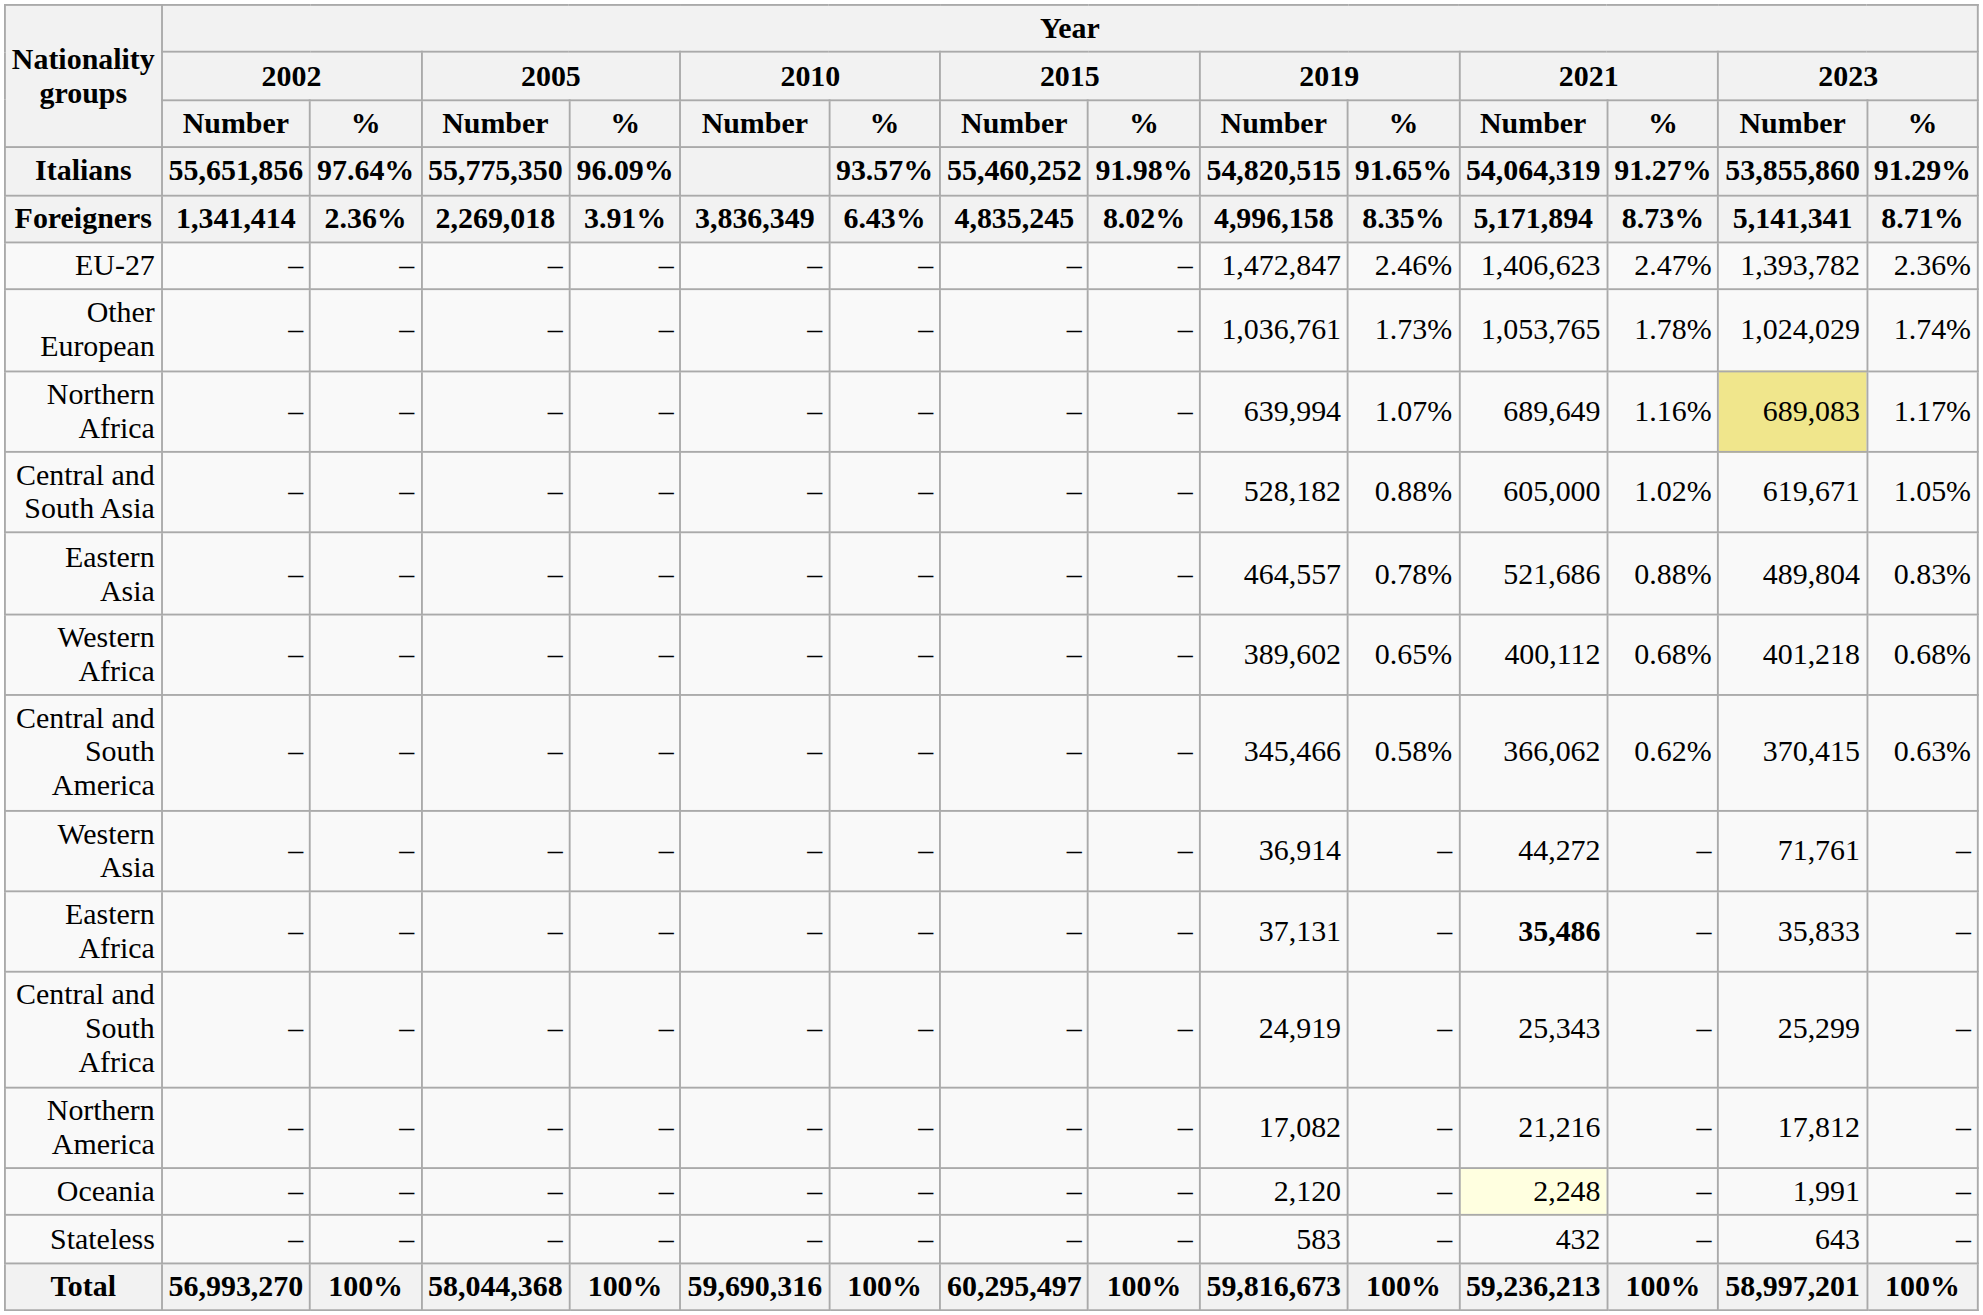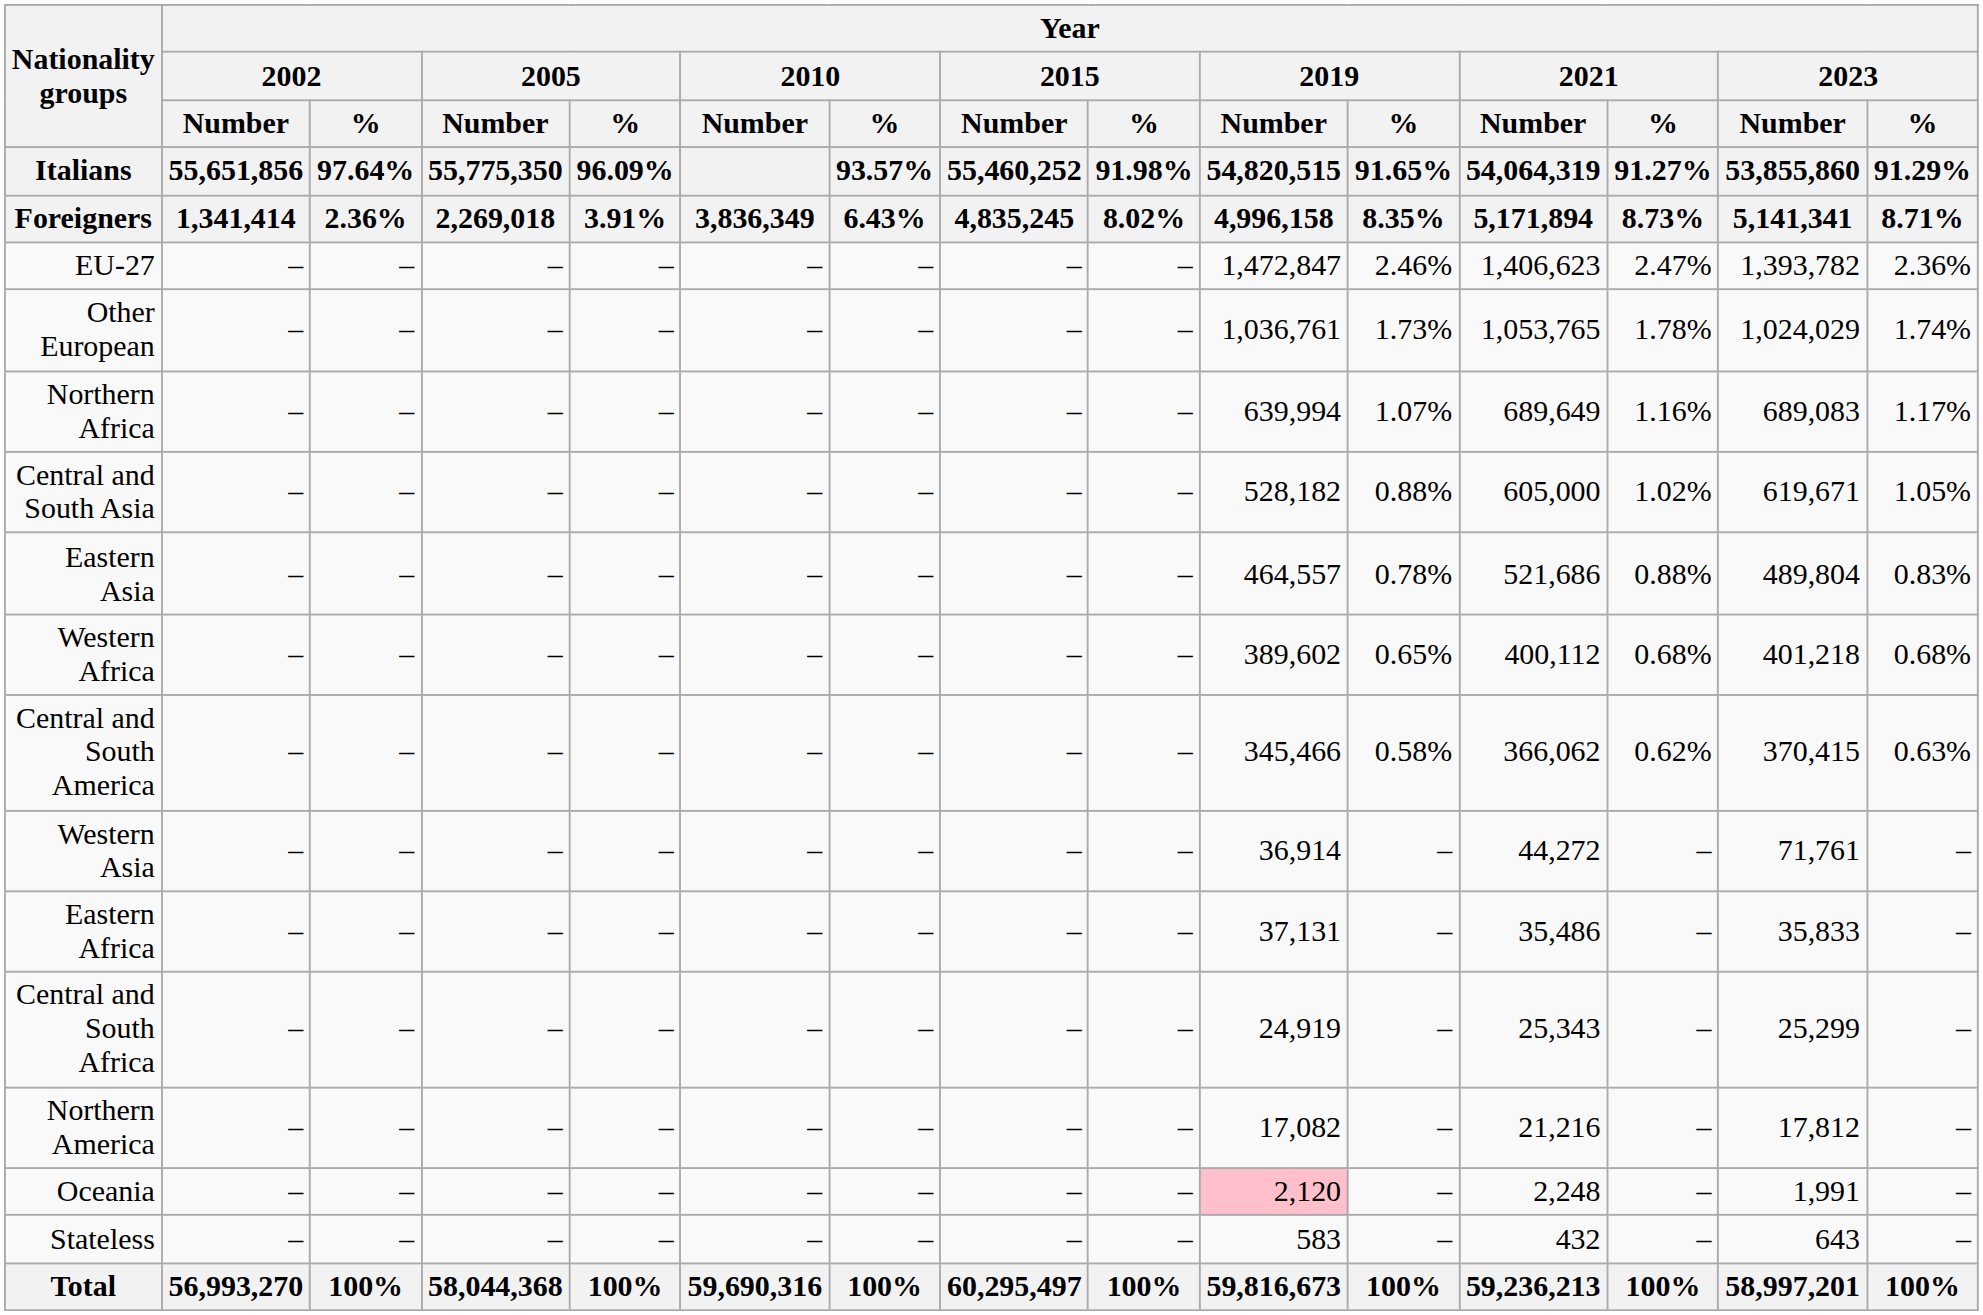 <table class="wikitable col1left" style="text-align:right;">
 <tr>
 <th rowspan="3">Nationality groups</th>
 <th colspan="14">Year</th>
 </tr>
 <tr>
 <th colspan="2">2002</th>
 <th colspan="2">2005</th>
 <th colspan="2">2010</th>
 <th colspan="2">2015</th>
 <th colspan="2">2019</th>
 <th colspan="2">2021</th>
 <th colspan="2">2023</th>
 </tr>
 <tr>
 <th>Number</th>
 <th>%</th>
 <th>Number</th>
 <th>%</th>
 <th>Number</th>
 <th>%</th>
 <th>Number</th>
 <th>%</th>
 <th>Number</th>
 <th>%</th>
 <th>Number</th>
 <th>%</th>
 <th>Number</th>
 <th>%</th>
 </tr>
 <tr>
 <th> Italians</th>
 <th>55,651,856</th>
 <th>97.64%</th>
 <th>55,775,350</th>
 <th>96.09%</th>
 <th></th>
 <th>93.57%</th>
 <th>55,460,252</th>
 <th>91.98%</th>
 <th>54,820,515</th>
 <th>91.65%</th>
 <th>54,064,319</th>
 <th>91.27%</th>
 <th>53,855,860</th>
 <th>91.29%</th>
 </tr>
 <tr>
 <th>Foreigners</th>
 <th>1,341,414</th>
 <th>2.36%</th>
 <th>2,269,018</th>
 <th>3.91%</th>
 <th>3,836,349</th>
 <th>6.43%</th>
 <th>4,835,245</th>
 <th>8.02%</th>
 <th>4,996,158</th>
 <th>8.35%</th>
 <th>5,171,894</th>
 <th>8.73%</th>
 <th>5,141,341</th>
 <th>8.71%</th>
 </tr>
 <tr>
 <td> EU-27</td>
 <td>–</td>
 <td>–</td>
 <td>–</td>
 <td>–</td>
 <td>–</td>
 <td>–</td>
 <td>–</td>
 <td>–</td>
 <td>1,472,847</td>
 <td>2.46%</td>
 <td>1,406,623</td>
 <td>2.47%</td>
 <td>1,393,782</td>
 <td>2.36%</td>
 </tr>
 <tr>
 <td>Other European</td>
 <td>–</td>
 <td>–</td>
 <td>–</td>
 <td>–</td>
 <td>–</td>
 <td>–</td>
 <td>–</td>
 <td>–</td>
 <td>1,036,761</td>
 <td>1.73%</td>
 <td>1,053,765</td>
 <td>1.78%</td>
 <td>1,024,029</td>
 <td>1.74%</td>
 </tr>
 <tr>
 <td>Northern Africa</td>
 <td>–</td>
 <td>–</td>
 <td>–</td>
 <td>–</td>
 <td>–</td>
 <td>–</td>
 <td>–</td>
 <td>–</td>
 <td>639,994</td>
 <td>1.07%</td>
 <td>689,649</td>
 <td>1.16%</td>
-<td style="background: khaki;">689,083</td>
+<td>689,083</td>
 <td>1.17%</td>
 </tr>
 <tr>
 <td>Central and South Asia</td>
 <td>–</td>
 <td>–</td>
 <td>–</td>
 <td>–</td>
 <td>–</td>
 <td>–</td>
 <td>–</td>
 <td>–</td>
 <td>528,182</td>
 <td>0.88%</td>
 <td>605,000</td>
 <td>1.02%</td>
 <td>619,671</td>
 <td>1.05%</td>
 </tr>
 <tr>
 <td>Eastern Asia</td>
 <td>–</td>
 <td>–</td>
 <td>–</td>
 <td>–</td>
 <td>–</td>
 <td>–</td>
 <td>–</td>
 <td>–</td>
 <td>464,557</td>
 <td>0.78%</td>
 <td>521,686</td>
 <td>0.88%</td>
 <td>489,804</td>
 <td>0.83%</td>
 </tr>
 <tr>
 <td>Western Africa</td>
 <td>–</td>
 <td>–</td>
 <td>–</td>
 <td>–</td>
 <td>–</td>
 <td>–</td>
 <td>–</td>
 <td>–</td>
 <td>389,602</td>
 <td>0.65%</td>
 <td>400,112</td>
 <td>0.68%</td>
 <td>401,218</td>
 <td>0.68%</td>
 </tr>
 <tr>
 <td>Central and South America</td>
 <td>–</td>
 <td>–</td>
 <td>–</td>
 <td>–</td>
 <td>–</td>
 <td>–</td>
 <td>–</td>
 <td>–</td>
 <td>345,466</td>
 <td>0.58%</td>
 <td>366,062</td>
 <td>0.62%</td>
 <td>370,415</td>
 <td>0.63%</td>
 </tr>
 <tr>
 <td>Western Asia</td>
 <td>–</td>
 <td>–</td>
 <td>–</td>
 <td>–</td>
 <td>–</td>
 <td>–</td>
 <td>–</td>
 <td>–</td>
 <td>36,914</td>
 <td>–</td>
 <td>44,272</td>
 <td>–</td>
 <td>71,761</td>
 <td>–</td>
 </tr>
 <tr>
 <td>Eastern Africa</td>
 <td>–</td>
 <td>–</td>
 <td>–</td>
 <td>–</td>
 <td>–</td>
 <td>–</td>
 <td>–</td>
 <td>–</td>
 <td>37,131</td>
 <td>–</td>
-<td><strong>35,486</strong></td>
+<td>35,486</td>
 <td>–</td>
 <td>35,833</td>
 <td>–</td>
 </tr>
 <tr>
 <td>Central and South Africa</td>
 <td>–</td>
 <td>–</td>
 <td>–</td>
 <td>–</td>
 <td>–</td>
 <td>–</td>
 <td>–</td>
 <td>–</td>
 <td>24,919</td>
 <td>–</td>
 <td>25,343</td>
 <td>–</td>
 <td>25,299</td>
 <td>–</td>
 </tr>
 <tr>
 <td>Northern America</td>
 <td>–</td>
 <td>–</td>
 <td>–</td>
 <td>–</td>
 <td>–</td>
 <td>–</td>
 <td>–</td>
 <td>–</td>
 <td>17,082</td>
 <td>–</td>
 <td>21,216</td>
 <td>–</td>
 <td>17,812</td>
 <td>–</td>
 </tr>
 <tr>
 <td>Oceania</td>
 <td>–</td>
 <td>–</td>
 <td>–</td>
 <td>–</td>
 <td>–</td>
 <td>–</td>
 <td>–</td>
 <td>–</td>
-<td>2,120</td>
+<td style="background: pink;">2,120</td>
 <td>–</td>
-<td style="background: lightyellow;">2,248</td>
+<td>2,248</td>
 <td>–</td>
 <td>1,991</td>
 <td>–</td>
 </tr>
 <tr>
 <td>Stateless</td>
 <td>–</td>
 <td>–</td>
 <td>–</td>
 <td>–</td>
 <td>–</td>
 <td>–</td>
 <td>–</td>
 <td>–</td>
 <td>583</td>
 <td>–</td>
 <td>432</td>
 <td>–</td>
 <td>643</td>
 <td>–</td>
 </tr>
 <tr>
 <th>Total</th>
 <th>56,993,270</th>
 <th>100%</th>
 <th>58,044,368</th>
 <th>100%</th>
 <th>59,690,316</th>
 <th>100%</th>
 <th>60,295,497</th>
 <th>100%</th>
 <th>59,816,673</th>
 <th>100%</th>
 <th>59,236,213</th>
 <th>100%</th>
 <th>58,997,201</th>
 <th>100%</th>
 </tr>
 </table>
